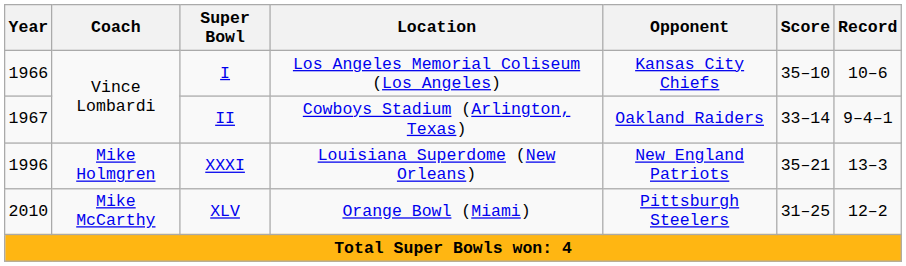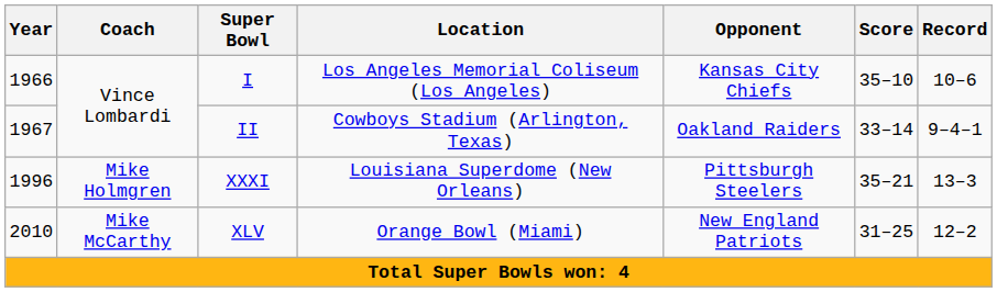 <table class="wikitable" style="width:80%;text-align:center">
 <tr>
 <th>Year</th>
 <th>Coach</th>
 <th>Super Bowl</th>
 <th>Location</th>
 <th>Opponent</th>
 <th>Score</th>
 <th>Record</th>
 </tr>
 <tr>
 <td>1966</td>
 <td rowspan="2">Vince Lombardi</td>
 <td><a href='#'>I</a></td>
 <td><a href='#'>Los Angeles Memorial Coliseum</a> (<a href='#'>Los Angeles</a>)</td>
 <td><a href='#'>Kansas City Chiefs</a></td>
 <td>35–10</td>
 <td>10–6</td>
 </tr>
 <tr>
 <td>1967</td>
 <td><a href='#'>II</a></td>
 <td><a href='#'>Cowboys Stadium</a> (<a href='#'>Arlington, Texas</a>)</td>
 <td><a href='#'>Oakland Raiders</a></td>
 <td>33–14</td>
 <td>9–4–1</td>
 </tr>
 <tr>
 <td>1996</td>
 <td><a href='#'>Mike Holmgren</a></td>
 <td><a href='#'>XXXI</a></td>
 <td><a href='#'>Louisiana Superdome</a> (<a href='#'>New Orleans</a>)</td>
-<td><a href='#'>New England Patriots</a></td>
+<td><a href='#'>Pittsburgh Steelers</a></td>
 <td>35–21</td>
 <td>13–3</td>
 </tr>
 <tr>
 <td>2010</td>
 <td><a href='#'>Mike McCarthy</a></td>
 <td><a href='#'>XLV</a></td>
 <td><a href='#'>Orange Bowl</a> (<a href='#'>Miami</a>)</td>
-<td><a href='#'>Pittsburgh Steelers</a></td>
+<td><a href='#'>New England Patriots</a></td>
 <td>31–25</td>
 <td>12–2</td>
 </tr>
 <tr style="background:#FFB612">
 <td colspan="7"><span><strong>Total Super Bowls won: 4</strong></span></td>
 </tr>
 </table>
